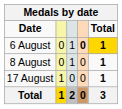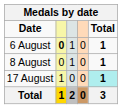 <table class="wikitable" style="font-size:85%">
 <tr bgcolor="#efefef">
 <th colspan=6>Medals by date</th>
 </tr>
 <tr align=center>
 <td><strong>Date</strong></td>
 <td bgcolor=#f7f6a8></td>
 <td bgcolor=#dce5e5></td>
 <td bgcolor=#ffdab9></td>
 <td><strong>Total</strong></td>
 </tr>
 <tr align=center>
 <td>6 August</td>
-<td style="background:#F7F6A8;">0</td>
+<td style="background:#F7F6A8;"><strong>0</strong></td>
 <td style="background:#DCE5E5;">1</td>
-<td style="background:#FFDAB9;"><strong>0</strong></td>
-<td style="background: gold;"><strong>1</strong></td>
+<td style="background:#FFDAB9;">0</td>
+<td><strong>1</strong></td>
 </tr>
 <tr align=center>
 <td>8 August</td>
 <td style="background:#F7F6A8;">0</td>
 <td style="background:#DCE5E5;">1</td>
 <td style="background:#FFDAB9;">0</td>
 <td><strong>1</strong></td>
 </tr>
 <tr align=center>
 <td>17 August</td>
 <td style="background:#F7F6A8;">1</td>
 <td style="background:#DCE5E5;">0</td>
 <td style="background:#FFDAB9;">0</td>
-<td><strong>1</strong></td>
+<td style="background: paleturquoise;"><strong>1</strong></td>
 </tr>
 <tr align=center>
 <th><strong>Total</strong></th>
 <th style="background:gold;"><strong>1</strong></th>
 <th style="background:silver;"><strong>2</strong></th>
 <th style="background:#c96;"><strong>0</strong></th>
 <th>3</th>
 </tr>
 </table>
